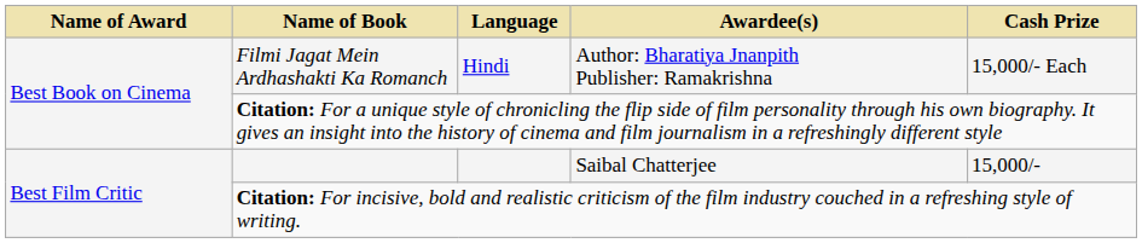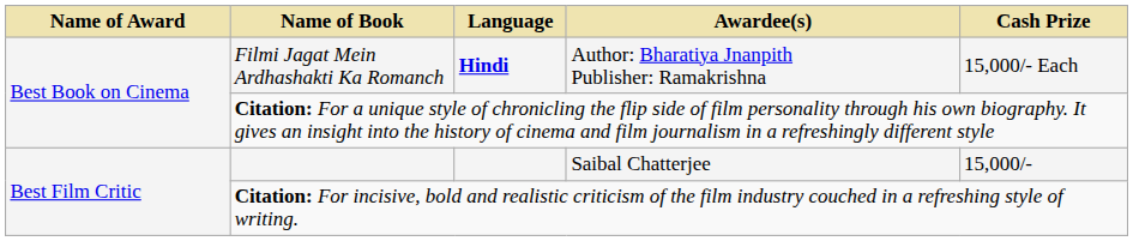 <table class="wikitable" style="width:100%;">
 <tr style="background-color:#F4F4F4">
 <th style="background-color:#EFE4B0;width:20%;">Name of Award</th>
 <th style="background-color:#EFE4B0;width:20%;">Name of Book</th>
 <th style="background-color:#EFE4B0;width:10%;">Language</th>
 <th style="background-color:#EFE4B0;width:35%;">Awardee(s)</th>
 <th style="background-color:#EFE4B0;width:15%;">Cash Prize</th>
 </tr>
 <tr style="background-color:#F4F4F4">
 <td rowspan="2"><a href='#'>Best Book on Cinema</a></td>
 <td><em>Filmi Jagat Mein Ardhashakti Ka Romanch</em></td>
-<td><a href='#'>Hindi</a></td>
+<td><strong><a href='#'>Hindi</a></strong></td>
 <td>Author: <a href='#'>Bharatiya Jnanpith</a><br>Publisher: Ramakrishna</td>
 <td> 15,000/- Each</td>
 </tr>
 <tr style="background-color:#F9F9F9">
 <td colspan="4"><strong>Citation:</strong> <em>For a unique style of chronicling the flip side of film personality through his own biography. It gives an insight into the history of cinema and film journalism in a refreshingly different style</em></td>
 </tr>
 <tr style="background-color:#F4F4F4">
 <td rowspan="2"><a href='#'>Best Film Critic</a></td>
 <td></td>
 <td></td>
 <td>Saibal Chatterjee</td>
 <td> 15,000/-</td>
 </tr>
 <tr style="background-color:#F9F9F9">
 <td colspan="4"><strong>Citation:</strong> <em>For incisive, bold and realistic criticism of the film industry couched in a refreshing style of writing.</em></td>
 </tr>
 </table>
